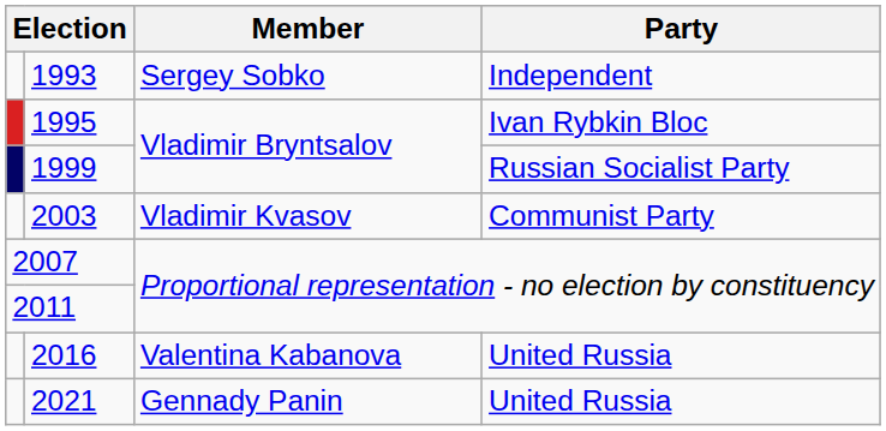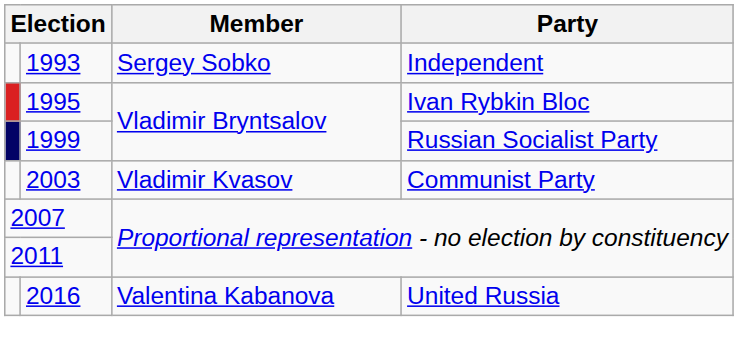 <table class="wikitable">
 <tr>
 <th colspan="2">Election</th>
 <th>Member</th>
 <th>Party</th>
 </tr>
 <tr>
 <td style="background-color:"></td>
 <td><a href='#'>1993</a></td>
 <td><a href='#'>Sergey Sobko</a></td>
 <td><a href='#'>Independent</a></td>
 </tr>
 <tr>
 <td style="background-color:#DA2021"></td>
 <td><a href='#'>1995</a></td>
 <td rowspan=2><a href='#'>Vladimir Bryntsalov</a></td>
 <td><a href='#'>Ivan Rybkin Bloc</a></td>
 </tr>
 <tr>
 <td style="background-color:#020266"></td>
 <td><a href='#'>1999</a></td>
 <td><a href='#'>Russian Socialist Party</a></td>
 </tr>
 <tr>
 <td style="background-color:"></td>
 <td><a href='#'>2003</a></td>
 <td><a href='#'>Vladimir Kvasov</a></td>
 <td><a href='#'>Communist Party</a></td>
 </tr>
 <tr>
 <td colspan=2><a href='#'>2007</a></td>
 <td colspan=2 rowspan=2><em><a href='#'>Proportional representation</a> - no election by constituency</em></td>
 </tr>
 <tr>
 <td colspan=2><a href='#'>2011</a></td>
 </tr>
 <tr>
 <td style="background-color:"></td>
 <td><a href='#'>2016</a></td>
 <td><a href='#'>Valentina Kabanova</a></td>
 <td><a href='#'>United Russia</a></td>
 </tr>
-<tr>
-<td style="background-color:"></td>
-<td><a href='#'>2021</a></td>
-<td><a href='#'>Gennady Panin</a></td>
-<td><a href='#'>United Russia</a></td>
-</tr>
 </table>
